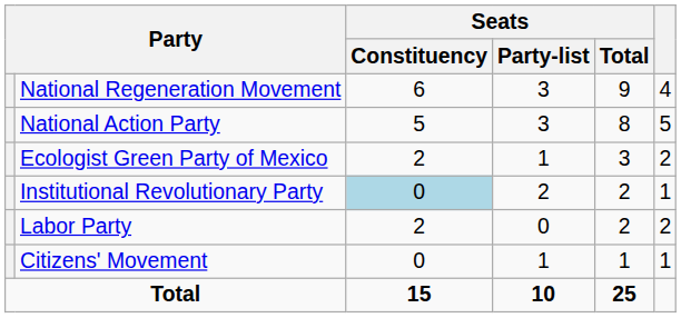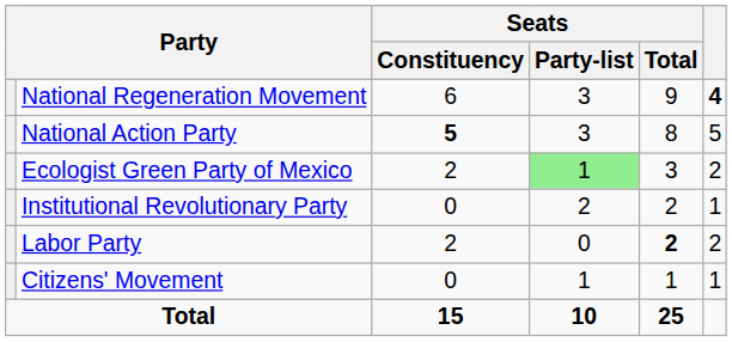 <table class="wikitable" style="text-align:center;">
 <tr>
 <th colspan="2" rowspan="2">Party</th>
 <th colspan="3">Seats</th>
 <th rowspan="2"></th>
 </tr>
 <tr>
 <th style="width:3em"><strong>Constituency</strong></th>
 <th>Party-list</th>
 <th>Total</th>
 </tr>
 <tr>
 <th style="background-color:"></th>
 <td style="text-align:left;"><a href='#'>National Regeneration Movement</a></td>
 <td>6</td>
 <td>3</td>
 <td>9</td>
-<td> 4</td>
+<td><strong> 4</strong></td>
 </tr>
 <tr>
 <th style="background-color:"></th>
 <td style="text-align:left;"><a href='#'>National Action Party</a></td>
-<td>5</td>
+<td><strong>5</strong></td>
 <td>3</td>
 <td>8</td>
 <td> 5</td>
 </tr>
 <tr>
 <th style="background-color:"></th>
 <td style="text-align:left;"><a href='#'>Ecologist Green Party of Mexico</a></td>
 <td>2</td>
-<td>1</td>
+<td style="background: lightgreen;">1</td>
 <td>3</td>
 <td> 2</td>
 </tr>
 <tr>
 <th style="background-color:"></th>
 <td style="text-align:left;"><a href='#'>Institutional Revolutionary Party</a></td>
-<td style="background: lightblue;">0</td>
+<td>0</td>
 <td>2</td>
 <td>2</td>
 <td> 1</td>
 </tr>
 <tr>
 <th style="background-color:"></th>
 <td style="text-align:left;"><a href='#'>Labor Party</a></td>
 <td>2</td>
 <td>0</td>
-<td>2</td>
+<td><strong>2</strong></td>
 <td> 2</td>
 </tr>
 <tr>
 <th style="background-color:"></th>
 <td style="text-align:left;"><a href='#'>Citizens' Movement</a></td>
 <td>0</td>
 <td>1</td>
 <td>1</td>
 <td> 1</td>
 </tr>
 <tr>
 <td colspan="2"><strong>Total</strong></td>
 <td><strong>15</strong></td>
 <td><strong>10</strong></td>
 <td><strong>25</strong></td>
 <td></td>
 </tr>
 </table>
